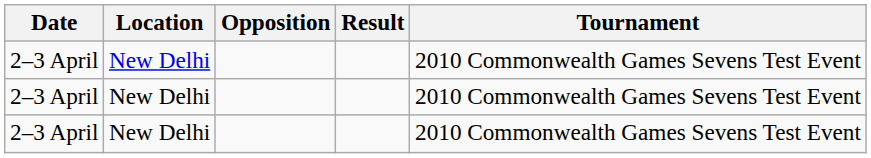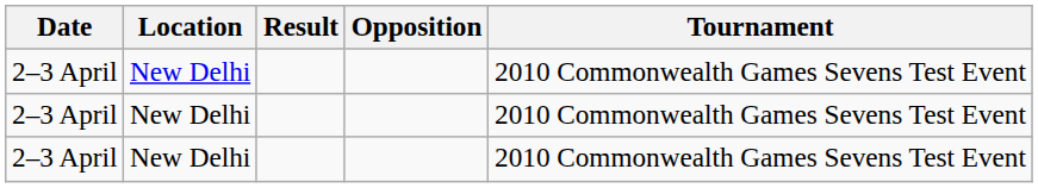 <table class="wikitable">
 <tr align="left">
 <th>Date</th>
 <th>Location</th>
+<th>Result</th>
 <th>Opposition</th>
-<th>Result</th>
 <th>Tournament</th>
 </tr>
 <tr>
 <td>2–3 April</td>
 <td><a href='#'>New Delhi</a></td>
 <td></td>
 <td></td>
 <td>2010 Commonwealth Games Sevens Test Event</td>
 </tr>
 <tr>
 <td>2–3 April</td>
 <td>New Delhi</td>
 <td></td>
 <td></td>
 <td>2010 Commonwealth Games Sevens Test Event</td>
 </tr>
 <tr>
 <td>2–3 April</td>
 <td>New Delhi</td>
 <td></td>
 <td></td>
 <td>2010 Commonwealth Games Sevens Test Event</td>
 </tr>
 </table>
